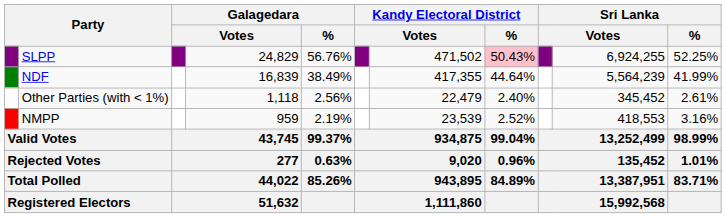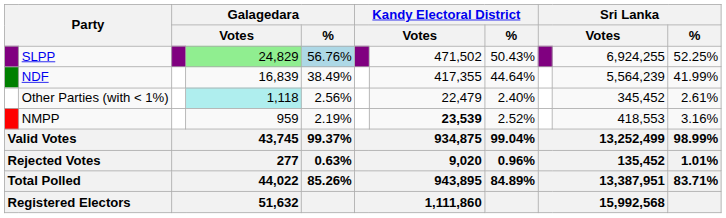 <table class="wikitable">
 <tr>
 <th colspan="2" width="144px"rowspan="2">Party</th>
 <th colspan="3" width="216px">Galagedara</th>
 <th colspan="3" width="216px"><a href='#'>Kandy Electoral District</a></th>
 <th colspan="3" width="216px">Sri Lanka</th>
 </tr>
 <tr>
 <th colspan="2" width="144px">Votes</th>
 <th>%</th>
 <th colspan="2" width="144px">Votes</th>
 <th>%</th>
 <th colspan="2" width="144px">Votes</th>
 <th>%</th>
 </tr>
 <tr>
 <td style="background-color:purple;" width="10px"></td>
 <td style="text-align:left;"><a href='#'>SLPP</a></td>
 <td style="background-color:purple;" width="10px"></td>
-<td style="text-align:right;">24,829</td>
-<td style="text-align:right;">56.76%</td>
+<td style="background: lightgreen; text-align:right;">24,829</td>
+<td style="background: lightblue; text-align:right;">56.76%</td>
 <td style="background-color:purple;" width="10px"></td>
 <td style="text-align:right;">471,502</td>
-<td style="background: pink; text-align:right;">50.43%</td>
+<td style="text-align:right;">50.43%</td>
 <td style="background-color:purple;" width="10px"></td>
 <td style="text-align:right;">6,924,255</td>
 <td style="text-align:right;">52.25%</td>
 </tr>
 <tr>
 <td style="background-color:green;" width="10px"></td>
 <td style="text-align:left;"><a href='#'>NDF</a></td>
 <td style="background-color:white;" width="10px"></td>
 <td style="text-align:right;">16,839</td>
 <td style="text-align:right;">38.49%</td>
 <td style="background-color:white;" width="10px"></td>
 <td style="text-align:right;">417,355</td>
 <td style="text-align:right;">44.64%</td>
 <td style="background-color:white;" width="10px"></td>
 <td style="text-align:right;">5,564,239</td>
 <td style="text-align:right;">41.99%</td>
 </tr>
 <tr>
 <td style="background-color:white;" width="10px"></td>
 <td style="text-align:left;">Other Parties (with < 1%)</td>
 <td style="background-color:white;" width="10px"></td>
-<td style="text-align:right;">1,118</td>
+<td style="background: paleturquoise; text-align:right;">1,118</td>
 <td style="text-align:right;">2.56%</td>
 <td style="background-color:white;" width="10px"></td>
 <td style="text-align:right;">22,479</td>
 <td style="text-align:right;">2.40%</td>
 <td style="background-color:white;" width="10px"></td>
 <td style="text-align:right;">345,452</td>
 <td style="text-align:right;">2.61%</td>
 </tr>
 <tr>
 <td style="background-color:red;" width="10px"></td>
 <td style="text-align:left;">NMPP</td>
 <td style="background-color:white;" width="10px"></td>
 <td style="text-align:right;">959</td>
 <td style="text-align:right;">2.19%</td>
 <td style="background-color:white;" width="10px"></td>
-<td style="text-align:right;">23,539</td>
+<td style="text-align:right;"><strong>23,539</strong></td>
 <td style="text-align:right;">2.52%</td>
 <td style="background-color:white;" width="10px"></td>
 <td style="text-align:right;">418,553</td>
 <td style="text-align:right;">3.16%</td>
 </tr>
 <tr>
 <th colspan="2" width="144px"style="text-align:left;">Valid Votes</th>
 <th style="text-align:right;"colspan="2" width="144px">43,745</th>
 <th style="text-align:right;">99.37%</th>
 <th style="text-align:right;"colspan="2" width="144px">934,875</th>
 <th style="text-align:right;">99.04%</th>
 <th style="text-align:right;"colspan="2" width="144px">13,252,499</th>
 <th style="text-align:right;">98.99%</th>
 </tr>
 <tr>
 <th colspan="2" width="144px"style="text-align:left;">Rejected Votes</th>
 <th style="text-align:right;"colspan="2" width="144px">277</th>
 <th style="text-align:right;">0.63%</th>
 <th style="text-align:right;"colspan="2" width="144px">9,020</th>
 <th style="text-align:right;">0.96%</th>
 <th style="text-align:right;"colspan="2" width="144px">135,452</th>
 <th style="text-align:right;">1.01%</th>
 </tr>
 <tr>
 <th colspan="2" width="144px"style="text-align:left;">Total Polled</th>
 <th style="text-align:right;"colspan="2" width="144px">44,022</th>
 <th style="text-align:right;">85.26%</th>
 <th style="text-align:right;"colspan="2" width="144px">943,895</th>
 <th style="text-align:right;">84.89%</th>
 <th style="text-align:right;"colspan="2" width="144px">13,387,951</th>
 <th style="text-align:right;">83.71%</th>
 </tr>
 <tr>
 <th colspan="2" width="144px"style="text-align:left;">Registered Electors</th>
 <th style="text-align:right;"colspan="2" width="144px">51,632</th>
 <th></th>
 <th style="text-align:right;"colspan="2" width="144px">1,111,860</th>
 <th></th>
 <th style="text-align:right;"colspan="2" width="144px">15,992,568</th>
 <th></th>
 </tr>
 </table>
